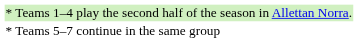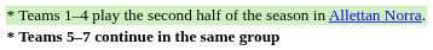 <table>
 <tr style="background: #D0F0C0;">
 <td>* Teams 1–4 play the second half of the season in <a href='#'>Allettan Norra</a>.</td>
 </tr>
 <tr>
-<td>* Teams 5–7 continue in the same group</td>
+<td><strong>* Teams 5–7 continue in the same group</strong></td>
 </tr>
 </table>
